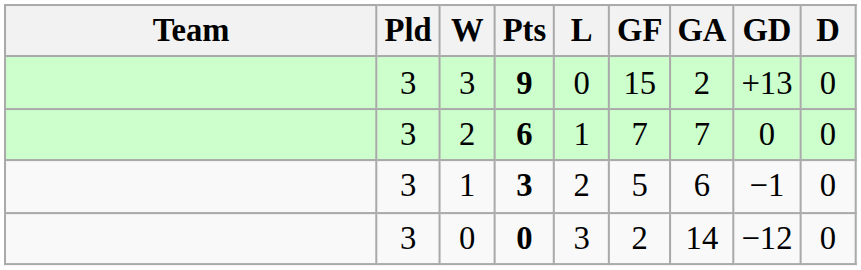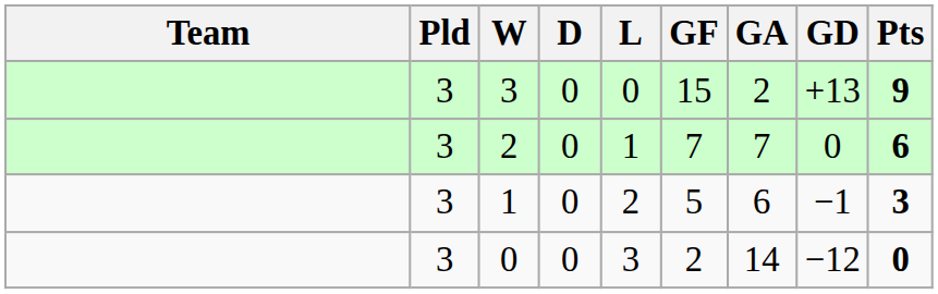 <table class="wikitable" style="text-align: center;">
 <tr>
 <th width=175>Team</th>
 <th width=20>Pld</th>
 <th width=20>W</th>
-<th width=20>Pts</th>
+<th width=20>D</th>
 <th width=20>L</th>
 <th width=20>GF</th>
 <th width=20>GA</th>
 <th width=20>GD</th>
-<th width=20>D</th>
+<th width=20>Pts</th>
 </tr>
 <tr bgcolor=#ccffcc>
 <td style="text-align:left;"></td>
 <td>3</td>
 <td>3</td>
-<td><strong>9</strong></td>
+<td>0</td>
 <td>0</td>
 <td>15</td>
 <td>2</td>
 <td>+13</td>
-<td>0</td>
+<td><strong>9</strong></td>
 </tr>
 <tr bgcolor=#ccffcc>
 <td style="text-align:left;"></td>
 <td>3</td>
 <td>2</td>
-<td><strong>6</strong></td>
+<td>0</td>
 <td>1</td>
 <td>7</td>
 <td>7</td>
 <td>0</td>
-<td>0</td>
+<td><strong>6</strong></td>
 </tr>
 <tr>
 <td style="text-align:left;"></td>
 <td>3</td>
 <td>1</td>
-<td><strong>3</strong></td>
+<td>0</td>
 <td>2</td>
 <td>5</td>
 <td>6</td>
 <td>−1</td>
-<td>0</td>
+<td><strong>3</strong></td>
 </tr>
 <tr>
 <td style="text-align:left;"></td>
 <td>3</td>
 <td>0</td>
-<td><strong>0</strong></td>
+<td>0</td>
 <td>3</td>
 <td>2</td>
 <td>14</td>
 <td>−12</td>
-<td>0</td>
+<td><strong>0</strong></td>
 </tr>
 </table>
